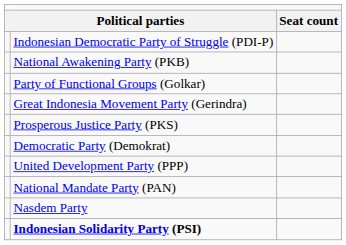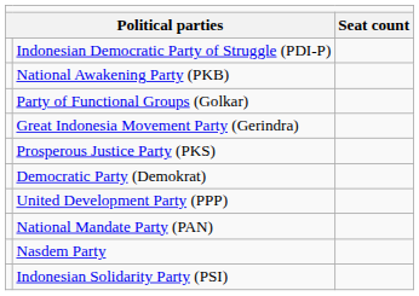 <table class="wikitable">
 <tr>
 <td colspan="4"></td>
 </tr>
 <tr>
 <th colspan="2">Political parties</th>
 <th>Seat count</th>
 </tr>
 <tr>
 <td bgcolor=></td>
 <td><a href='#'>Indonesian Democratic Party of Struggle</a> (PDI-P)</td>
 <td></td>
 </tr>
 <tr>
 <td bgcolor=></td>
 <td><a href='#'>National Awakening Party</a> (PKB)</td>
 <td></td>
 </tr>
 <tr>
 <td bgcolor=></td>
 <td><a href='#'>Party of Functional Groups</a> (Golkar)</td>
 <td></td>
 </tr>
 <tr>
 <td bgcolor=></td>
 <td><a href='#'>Great Indonesia Movement Party</a> (Gerindra)</td>
 <td></td>
 </tr>
 <tr>
 <td bgcolor=></td>
 <td><a href='#'>Prosperous Justice Party</a> (PKS)</td>
 <td></td>
 </tr>
 <tr>
 <td bgcolor=></td>
 <td><a href='#'>Democratic Party</a> (Demokrat)</td>
 <td></td>
 </tr>
 <tr>
 <td bgcolor=></td>
 <td><a href='#'>United Development Party</a> (PPP)</td>
 <td></td>
 </tr>
 <tr>
 <td bgcolor=></td>
 <td><a href='#'>National Mandate Party</a> (PAN)</td>
 <td></td>
 </tr>
 <tr>
 <td bgcolor=></td>
 <td><a href='#'>Nasdem Party</a></td>
 <td></td>
 </tr>
 <tr>
 <td bgcolor=></td>
-<td><strong><a href='#'>Indonesian Solidarity Party</a> (PSI)</strong></td>
+<td><a href='#'>Indonesian Solidarity Party</a> (PSI)</td>
 <td></td>
 </tr>
 </table>
